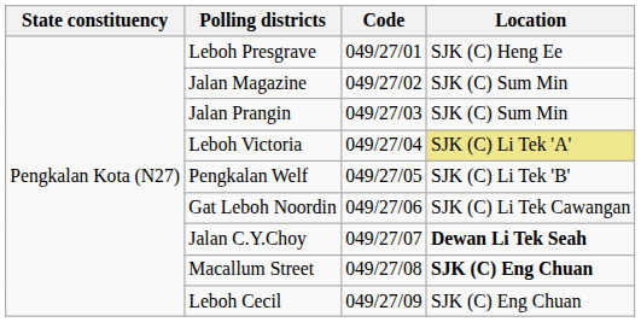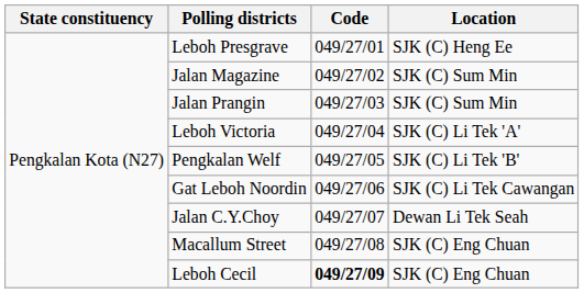 <table class="wikitable sortable mw-collapsible" style="white-space:nowrap;font-size:85%">
 <tr>
 <th>State constituency</th>
 <th>Polling districts</th>
 <th>Code</th>
 <th>Location</th>
 </tr>
 <tr>
 <td rowspan="9">Pengkalan Kota (N27)</td>
 <td>Leboh Presgrave</td>
 <td>049/27/01</td>
 <td>SJK (C) Heng Ee</td>
 </tr>
 <tr>
 <td>Jalan Magazine</td>
 <td>049/27/02</td>
 <td>SJK (C) Sum Min</td>
 </tr>
 <tr>
 <td>Jalan Prangin</td>
 <td>049/27/03</td>
 <td>SJK (C) Sum Min</td>
 </tr>
 <tr>
 <td>Leboh Victoria</td>
 <td>049/27/04</td>
-<td style="background: khaki;">SJK (C) Li Tek 'A'</td>
+<td>SJK (C) Li Tek 'A'</td>
 </tr>
 <tr>
 <td>Pengkalan Welf</td>
 <td>049/27/05</td>
 <td>SJK (C) Li Tek 'B'</td>
 </tr>
 <tr>
 <td>Gat Leboh Noordin</td>
 <td>049/27/06</td>
 <td>SJK (C) Li Tek Cawangan</td>
 </tr>
 <tr>
 <td>Jalan C.Y.Choy</td>
 <td>049/27/07</td>
-<td><strong>Dewan Li Tek Seah</strong></td>
+<td>Dewan Li Tek Seah</td>
 </tr>
 <tr>
 <td>Macallum Street</td>
 <td>049/27/08</td>
-<td><strong>SJK (C) Eng Chuan</strong></td>
+<td>SJK (C) Eng Chuan</td>
 </tr>
 <tr>
 <td>Leboh Cecil</td>
-<td>049/27/09</td>
+<td><strong>049/27/09</strong></td>
 <td>SJK (C) Eng Chuan</td>
 </tr>
 </table>
